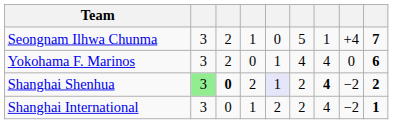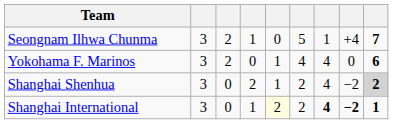 <table class="wikitable" style="text-align: center;">
 <tr>
 <th width=200>Team</th>
 <th width=20></th>
 <th width=20></th>
 <th width=20></th>
 <th width=20></th>
 <th width=20></th>
 <th width=20></th>
 <th width=20></th>
 <th width=20></th>
 </tr>
 <tr>
 <td align=left> <a href='#'>Seongnam Ilhwa Chunma</a></td>
 <td>3</td>
 <td>2</td>
 <td>1</td>
 <td>0</td>
 <td>5</td>
 <td>1</td>
 <td>+4</td>
 <td><strong>7</strong></td>
 </tr>
 <tr>
 <td align=left> <a href='#'>Yokohama F. Marinos</a></td>
 <td>3</td>
 <td>2</td>
 <td>0</td>
 <td>1</td>
 <td>4</td>
 <td>4</td>
 <td>0</td>
 <td><strong>6</strong></td>
 </tr>
 <tr>
 <td align=left> <a href='#'>Shanghai Shenhua</a></td>
-<td style="background: lightgreen;">3</td>
-<td><strong>0</strong></td>
+<td>3</td>
+<td>0</td>
 <td>2</td>
-<td style="background: lavender;">1</td>
+<td>1</td>
 <td>2</td>
-<td><strong>4</strong></td>
+<td>4</td>
 <td>−2</td>
-<td><strong>2</strong></td>
+<td style="background: lightgrey;"><strong>2</strong></td>
 </tr>
 <tr>
 <td align=left> <a href='#'>Shanghai International</a></td>
 <td>3</td>
 <td>0</td>
 <td>1</td>
+<td style="background: lightyellow;">2</td>
 <td>2</td>
-<td>2</td>
-<td>4</td>
-<td>−2</td>
+<td><strong>4</strong></td>
+<td><strong>−2</strong></td>
 <td><strong>1</strong></td>
 </tr>
 </table>
